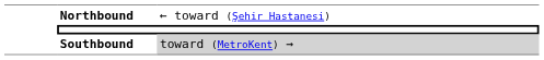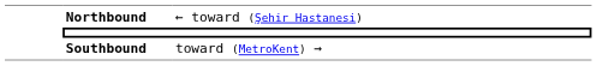 <table table border=0 cellspacing=0 cellpadding=3>
 <tr>
 <td style="border-top:solid 1px gray;border-bottom:solid 1px gray;" width=50 rowspan=3 valign=top></td>
 <td style="border-top:solid 1px gray;" width=100><strong>Northbound</strong></td>
 <td style="border-top:solid 1px gray;" width=400>←  toward  <small>(<a href='#'>Şehir Hastanesi</a>)</small></td>
 </tr>
 <tr>
 <td style="border-top:solid 2px black;border-right:solid 2px black;border-left:solid 2px black;border-bottom:solid 2px black;text-align:center;" colspan=2></td>
 </tr>
 <tr>
 <td style="border-bottom:solid 1px gray;"><strong>Southbound</strong></td>
-<td style="background: lightgrey; border-bottom:solid 1px gray;"> toward  <small>(<a href='#'>MetroKent</a>)</small> →</td>
+<td style="border-bottom:solid 1px gray;"> toward  <small>(<a href='#'>MetroKent</a>)</small> →</td>
 </tr>
 </table>
